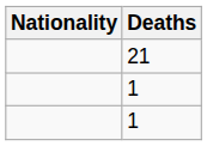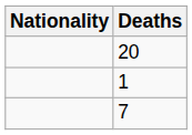 <table class="wikitable" style="float:right; margin:10px">
 <tr>
 <th>Nationality</th>
 <th>Deaths</th>
 </tr>
 <tr>
 <td></td>
-<td>21</td>
+<td>20</td>
 </tr>
 <tr>
 <td></td>
 <td>1</td>
 </tr>
 <tr>
 <td></td>
-<td>1</td>
+<td>7</td>
 </tr>
 </table>
